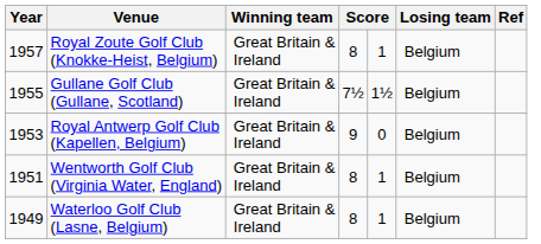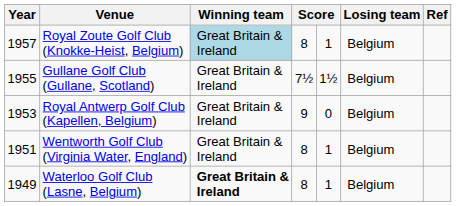 <table class="wikitable" style="font-size:95%;">
 <tr>
 <th>Year</th>
 <th>Venue</th>
 <th>Winning team</th>
 <th colspan="2">Score</th>
 <th>Losing team</th>
 <th>Ref</th>
 </tr>
 <tr>
 <td>1957</td>
 <td><a href='#'>Royal Zoute Golf Club</a><br>(<a href='#'>Knokke-Heist</a>, <a href='#'>Belgium</a>)</td>
-<td> Great Britain &<br> Ireland</td>
+<td style="background: lightblue;"> Great Britain &<br> Ireland</td>
 <td align="center">8</td>
 <td align="center">1</td>
 <td> Belgium</td>
 <td></td>
 </tr>
 <tr>
 <td>1955</td>
 <td><a href='#'>Gullane Golf Club</a><br>(<a href='#'>Gullane</a>, <a href='#'>Scotland</a>)</td>
 <td> Great Britain &<br> Ireland</td>
 <td align="center">7½</td>
 <td align="center">1½</td>
 <td> Belgium</td>
 <td></td>
 </tr>
 <tr>
 <td>1953</td>
 <td><a href='#'>Royal Antwerp Golf Club</a><br>(<a href='#'>Kapellen, Belgium</a>)</td>
 <td> Great Britain &<br> Ireland</td>
 <td align="center">9</td>
 <td align="center">0</td>
 <td> Belgium</td>
 <td></td>
 </tr>
 <tr>
 <td>1951</td>
 <td><a href='#'>Wentworth Golf Club</a><br>(<a href='#'>Virginia Water</a>, <a href='#'>England</a>)</td>
 <td> Great Britain &<br> Ireland</td>
 <td align="center">8</td>
 <td align="center">1</td>
 <td> Belgium</td>
 <td></td>
 </tr>
 <tr>
 <td>1949</td>
 <td><a href='#'>Waterloo Golf Club</a><br>(<a href='#'>Lasne</a>, <a href='#'>Belgium</a>)</td>
-<td> Great Britain &<br> Ireland</td>
+<td><strong> Great Britain &<br> Ireland</strong></td>
 <td align="center">8</td>
 <td align="center">1</td>
 <td> Belgium</td>
 <td></td>
 </tr>
 </table>
